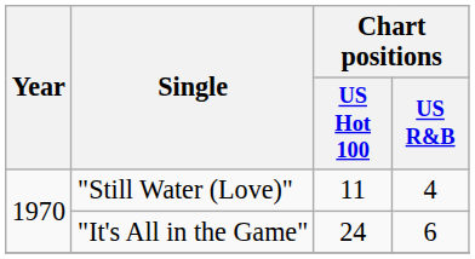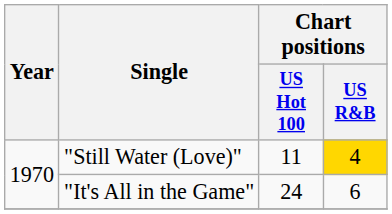 <table class="wikitable" style="text-align:center;">
 <tr>
 <th rowspan="2">Year</th>
 <th rowspan="2">Single</th>
 <th colspan="3">Chart positions</th>
 </tr>
 <tr style="font-size:smaller;">
 <th width="40"><a href='#'>US<br>Hot 100</a></th>
 <th width="40"><a href='#'>US<br>R&B</a></th>
 </tr>
 <tr>
 <td rowspan="2">1970</td>
 <td align="left">"Still Water (Love)"</td>
 <td>11</td>
-<td>4</td>
+<td style="background: gold;">4</td>
 </tr>
 <tr>
 <td align="left">"It's All in the Game"</td>
 <td>24</td>
 <td>6</td>
 </tr>
 <tr>
 </tr>
 </table>
